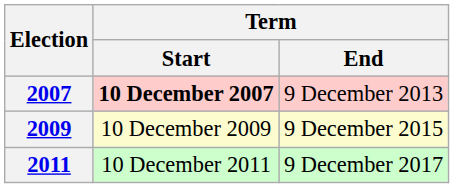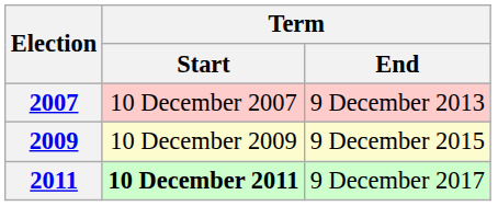 <table class="wikitable" style="text-align:center">
 <tr>
 <th rowspan="2">Election</th>
 <th colspan="2">Term</th>
 </tr>
 <tr>
 <th>Start</th>
 <th>End</th>
 </tr>
 <tr>
 <th><a href='#'>2007</a></th>
-<td bgcolor="#fcc"><strong>10 December 2007</strong></td>
+<td bgcolor="#fcc">10 December 2007</td>
 <td bgcolor="#fcc">9 December 2013</td>
 </tr>
 <tr>
 <th><a href='#'>2009</a></th>
 <td bgcolor="#fcfccf">10 December 2009</td>
 <td bgcolor="#fcfccf">9 December 2015</td>
 </tr>
 <tr>
 <th><a href='#'>2011</a></th>
-<td bgcolor="#cfc">10 December 2011</td>
+<td bgcolor="#cfc"><strong>10 December 2011</strong></td>
 <td bgcolor="#cfc">9 December 2017</td>
 </tr>
 </table>
